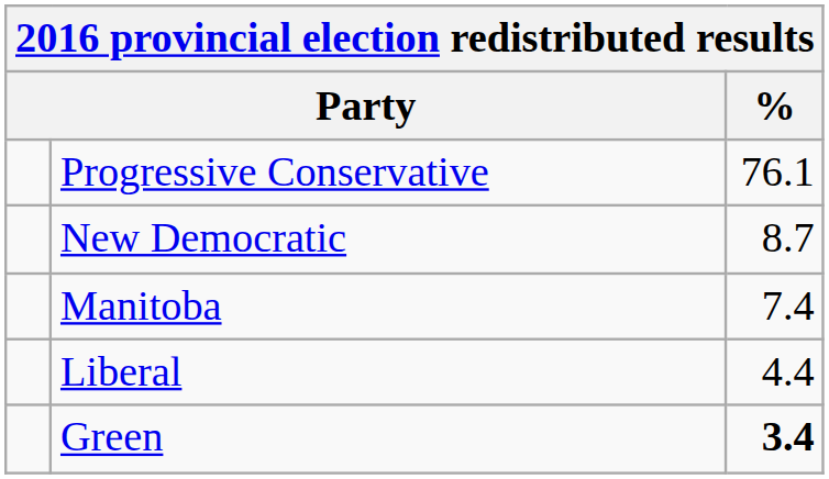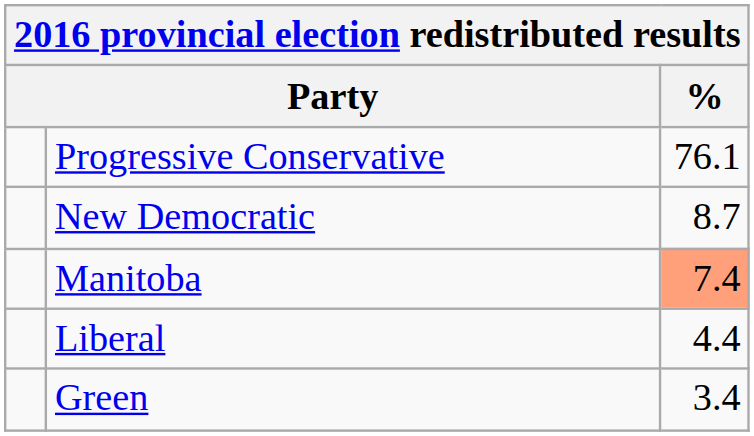 <table class="wikitable">
 <tr>
 <th colspan="4"><a href='#'>2016 provincial election</a> redistributed results</th>
 </tr>
 <tr>
 <th bgcolor="#DDDDFF" width="130px" colspan="2">Party</th>
 <th bgcolor="#DDDDFF" width="30px">%</th>
 </tr>
 <tr>
 <td> </td>
 <td><a href='#'>Progressive Conservative</a></td>
 <td align=right>76.1</td>
 </tr>
 <tr>
 <td> </td>
 <td><a href='#'>New Democratic</a></td>
 <td align=right>8.7</td>
 </tr>
 <tr>
 <td> </td>
 <td><a href='#'>Manitoba</a></td>
-<td align=right>7.4</td>
+<td align=right style="background: lightsalmon;">7.4</td>
 </tr>
 <tr>
 <td> </td>
 <td><a href='#'>Liberal</a></td>
 <td align=right>4.4</td>
 </tr>
 <tr>
 <td> </td>
 <td><a href='#'>Green</a></td>
-<td align=right><strong>3.4</strong></td>
+<td align=right>3.4</td>
 </tr>
 </table>
